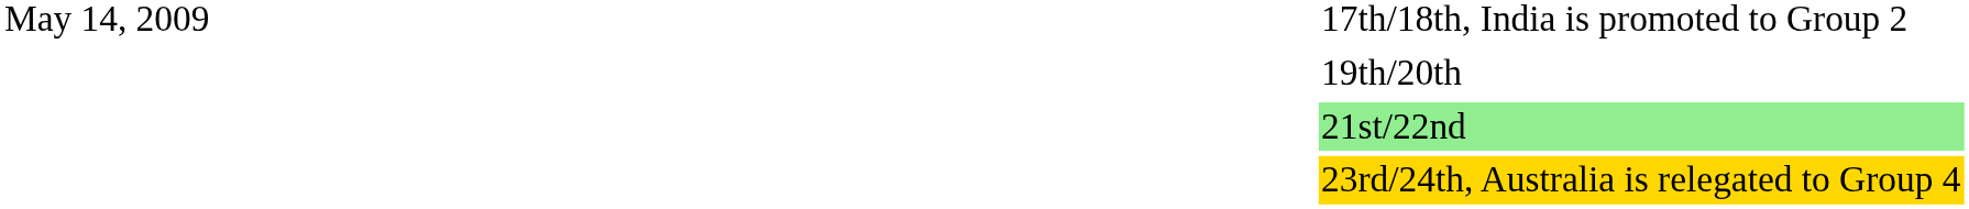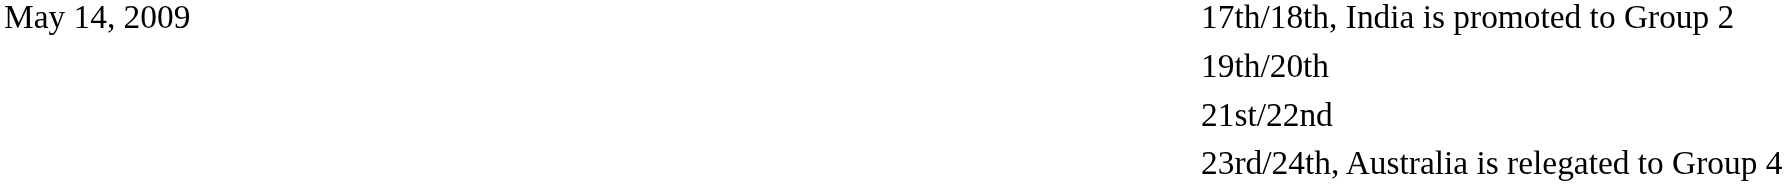 <table style="font-size:90%">
 <tr>
 <td>May 14, 2009</td>
 <td align=right></td>
 <td align=center></td>
 <td><strong></strong></td>
 <td>17th/18th, India is promoted to Group 2</td>
 </tr>
 <tr>
 <td></td>
 <td align=right></td>
 <td align=center></td>
 <td><strong></strong></td>
 <td>19th/20th</td>
 </tr>
 <tr>
 <td width=100></td>
 <td width=150 align=right></td>
 <td width=100 align=center></td>
 <td width=150><strong></strong></td>
-<td style="background: lightgreen;">21st/22nd</td>
+<td>21st/22nd</td>
 </tr>
 <tr>
 <td></td>
 <td align=right><strong></strong></td>
 <td align=center></td>
 <td></td>
-<td style="background: gold;">23rd/24th, Australia is relegated to Group 4</td>
+<td>23rd/24th, Australia is relegated to Group 4</td>
 </tr>
 </table>
